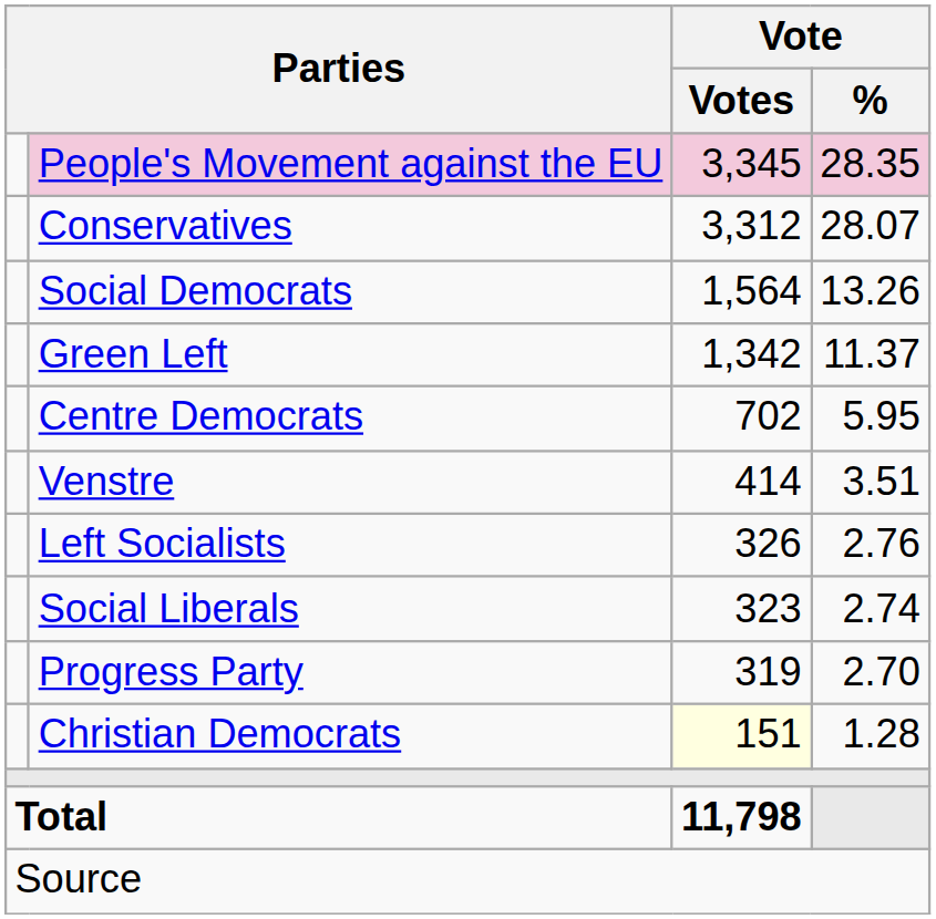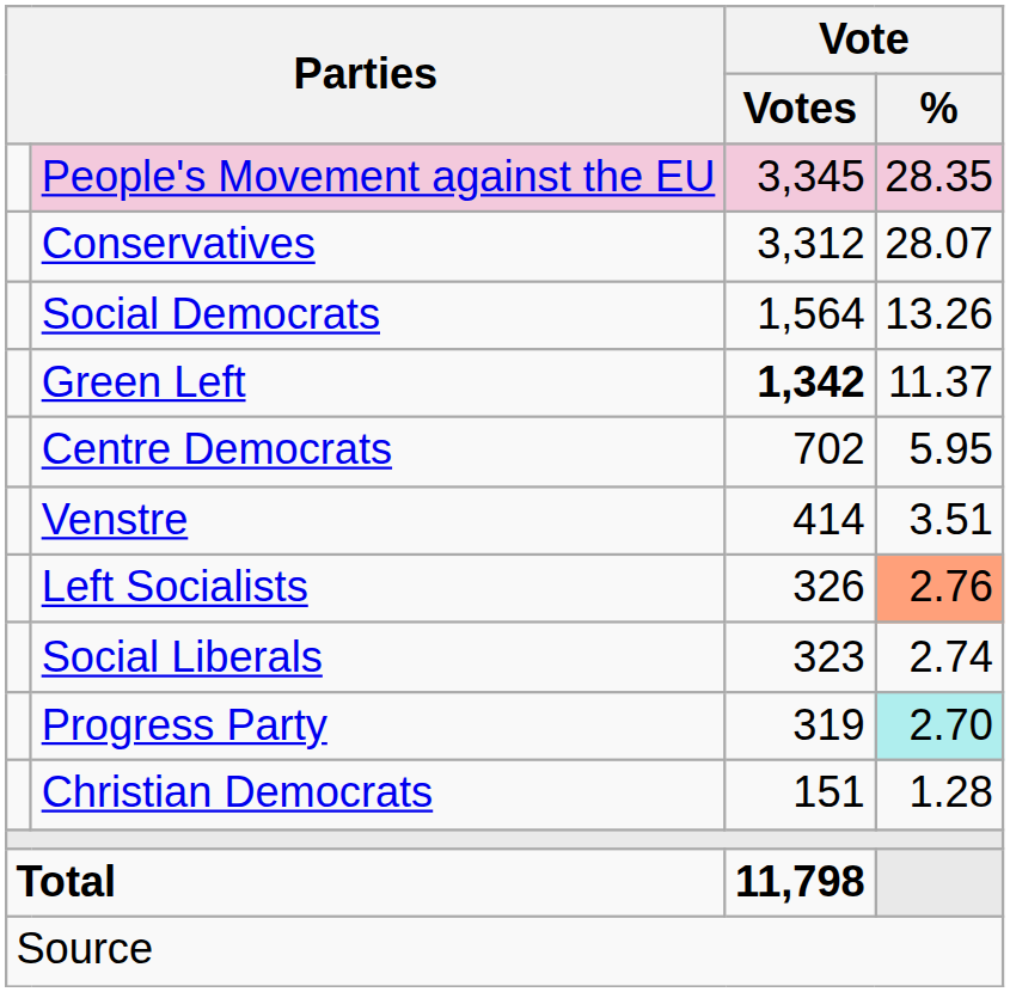 <table class="wikitable" style="text-align:right;">
 <tr>
 <th style="text-align:centre;" rowspan="2" colspan="2" width="225">Parties</th>
 <th colspan="3">Vote</th>
 </tr>
 <tr>
 <th width="15">Votes</th>
 <th width="15">%</th>
 </tr>
 <tr>
 <td width="2" style="color:inherit;background:"></td>
 <td bgcolor=#f3c9dc   align="left"><a href='#'>People's Movement against the EU</a></td>
 <td bgcolor=#f3c9dc>3,345</td>
 <td bgcolor=#f3c9dc>28.35</td>
 </tr>
 <tr>
 <td width="2" style="color:inherit;background:"></td>
 <td align="left"><a href='#'>Conservatives</a></td>
 <td>3,312</td>
 <td>28.07</td>
 </tr>
 <tr>
 <td width="2" style="color:inherit;background:"></td>
 <td align="left"><a href='#'>Social Democrats</a></td>
 <td>1,564</td>
 <td>13.26</td>
 </tr>
 <tr>
 <td width="2" style="color:inherit;background:"></td>
 <td align="left"><a href='#'>Green Left</a></td>
-<td>1,342</td>
+<td><strong>1,342</strong></td>
 <td>11.37</td>
 </tr>
 <tr>
 <td width="2" style="color:inherit;background:"></td>
 <td align="left"><a href='#'>Centre Democrats</a></td>
 <td>702</td>
 <td>5.95</td>
 </tr>
 <tr>
 <td width="2" style="color:inherit;background:"></td>
 <td align="left"><a href='#'>Venstre</a></td>
 <td>414</td>
 <td>3.51</td>
 </tr>
 <tr>
 <td width="2" style="color:inherit;background:"></td>
 <td align="left"><a href='#'>Left Socialists</a></td>
 <td>326</td>
-<td>2.76</td>
+<td style="background: lightsalmon;">2.76</td>
 </tr>
 <tr>
 <td width="2" style="color:inherit;background:"></td>
 <td align="left"><a href='#'>Social Liberals</a></td>
 <td>323</td>
 <td>2.74</td>
 </tr>
 <tr>
 <td width="2" style="color:inherit;background:"></td>
 <td align="left"><a href='#'>Progress Party</a></td>
 <td>319</td>
-<td>2.70</td>
+<td style="background: paleturquoise;">2.70</td>
 </tr>
 <tr>
 <td width="2" style="color:inherit;background:"></td>
 <td align="left"><a href='#'>Christian Democrats</a></td>
-<td style="background: lightyellow;">151</td>
+<td>151</td>
 <td>1.28</td>
 </tr>
 <tr>
 <td colspan="7" bgcolor="#E9E9E9"></td>
 </tr>
 <tr>
 <td align="left" colspan="2"><strong>Total</strong></td>
 <td><strong>11,798</strong></td>
 <td bgcolor="#E9E9E9" colspan="2"></td>
 </tr>
 <tr>
 <td align="left" colspan="6">Source</td>
 </tr>
 </table>
